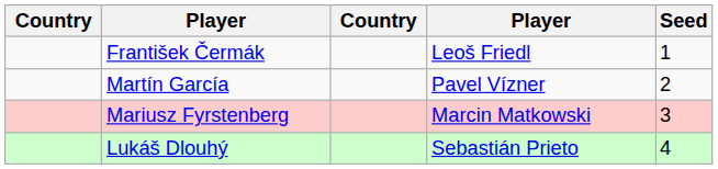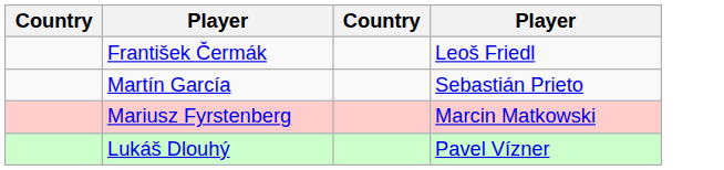 <table class="sortable wikitable">
 <tr>
 <th width="70">Country</th>
 <th width="175">Player</th>
 <th width="70">Country</th>
 <th width="175">Player</th>
-<th>Seed</th>
 </tr>
 <tr>
 <td></td>
 <td><a href='#'>František Čermák</a></td>
 <td></td>
 <td><a href='#'>Leoš Friedl</a></td>
-<td>1</td>
 </tr>
 <tr>
 <td></td>
 <td><a href='#'>Martín García</a></td>
 <td></td>
-<td><a href='#'>Pavel Vízner</a></td>
-<td>2</td>
+<td><a href='#'>Sebastián Prieto</a></td>
 </tr>
 <tr style="background:#fcc;">
 <td></td>
 <td><a href='#'>Mariusz Fyrstenberg</a></td>
 <td></td>
 <td><a href='#'>Marcin Matkowski</a></td>
-<td>3</td>
 </tr>
 <tr style="background:#cfc;">
 <td></td>
 <td><a href='#'>Lukáš Dlouhý</a></td>
 <td></td>
-<td><a href='#'>Sebastián Prieto</a></td>
-<td>4</td>
+<td><a href='#'>Pavel Vízner</a></td>
 </tr>
 </table>
